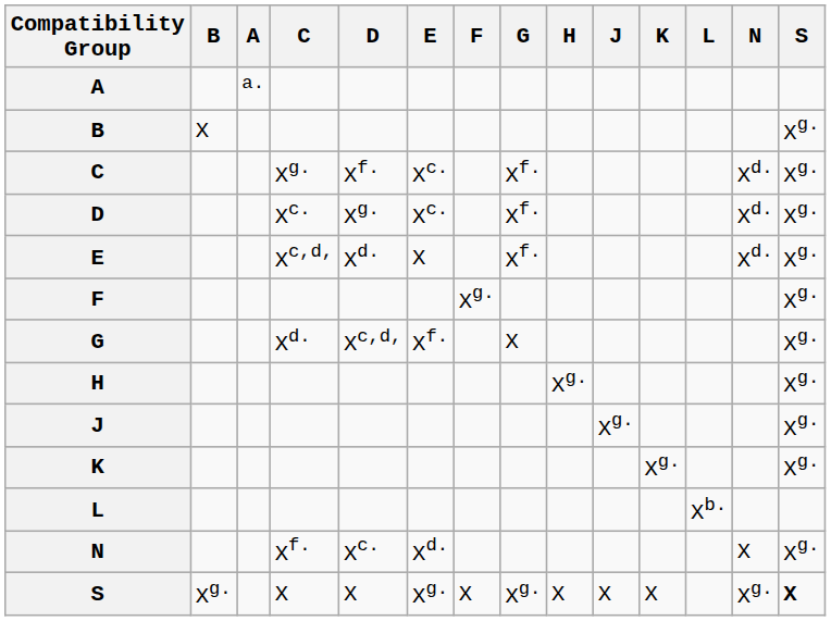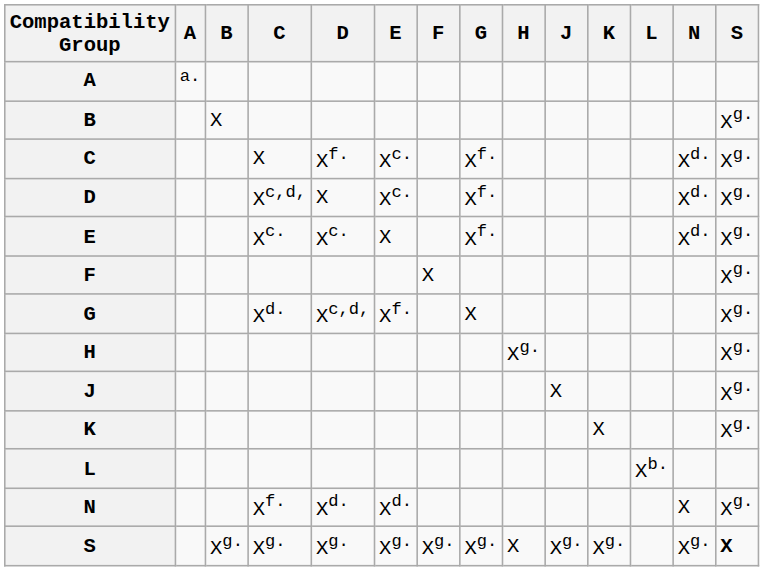 <table class="wikitable">
 <tr>
 <th>Compatibility<br>Group</th>
+<th>A</th>
 <th>B</th>
-<th>A</th>
 <th>C</th>
 <th>D</th>
 <th>E</th>
 <th>F</th>
 <th>G</th>
 <th>H</th>
 <th>J</th>
 <th>K</th>
 <th>L</th>
 <th>N</th>
 <th>S</th>
 </tr>
 <tr>
 <th>A</th>
+<td><sup>a.</sup></td>
 <td></td>
-<td><sup>a.</sup></td>
 <td></td>
 <td></td>
 <td></td>
 <td></td>
 <td></td>
 <td></td>
 <td></td>
 <td></td>
 <td></td>
 <td></td>
 <td></td>
 </tr>
 <tr>
 <th>B</th>
+<td></td>
 <td>X</td>
-<td></td>
 <td></td>
 <td></td>
 <td></td>
 <td></td>
 <td></td>
 <td></td>
 <td></td>
 <td></td>
 <td></td>
 <td></td>
 <td>X<sup>g.</sup></td>
 </tr>
 <tr>
 <th>C</th>
 <td></td>
 <td></td>
-<td>X<sup>g.</sup></td>
+<td>X</td>
 <td>X<sup>f.</sup></td>
 <td>X<sup>c.</sup></td>
 <td></td>
 <td>X<sup>f.</sup></td>
 <td></td>
 <td></td>
 <td></td>
 <td></td>
 <td>X<sup>d.</sup></td>
 <td>X<sup>g.</sup></td>
 </tr>
 <tr>
 <th>D</th>
 <td></td>
 <td></td>
-<td>X<sup>c.</sup></td>
-<td>X<sup>g.</sup></td>
+<td>X<sup>c,d,</sup></td>
+<td>X</td>
 <td>X<sup>c.</sup></td>
 <td></td>
 <td>X<sup>f.</sup></td>
 <td></td>
 <td></td>
 <td></td>
 <td></td>
 <td>X<sup>d.</sup></td>
 <td>X<sup>g.</sup></td>
 </tr>
 <tr>
 <th>E</th>
 <td></td>
 <td></td>
-<td>X<sup>c,d,</sup></td>
-<td>X<sup>d.</sup></td>
+<td>X<sup>c.</sup></td>
+<td>X<sup>c.</sup></td>
 <td>X</td>
 <td></td>
 <td>X<sup>f.</sup></td>
 <td></td>
 <td></td>
 <td></td>
 <td></td>
 <td>X<sup>d.</sup></td>
 <td>X<sup>g.</sup></td>
 </tr>
 <tr>
 <th>F</th>
 <td></td>
 <td></td>
 <td></td>
 <td></td>
 <td></td>
-<td>X<sup>g.</sup></td>
+<td>X</td>
 <td></td>
 <td></td>
 <td></td>
 <td></td>
 <td></td>
 <td></td>
 <td>X<sup>g.</sup></td>
 </tr>
 <tr>
 <th>G</th>
 <td></td>
 <td></td>
 <td>X<sup>d.</sup></td>
 <td>X<sup>c,d,</sup></td>
 <td>X<sup>f.</sup></td>
 <td></td>
 <td>X</td>
 <td></td>
 <td></td>
 <td></td>
 <td></td>
 <td></td>
 <td>X<sup>g.</sup></td>
 </tr>
 <tr>
 <th>H</th>
 <td></td>
 <td></td>
 <td></td>
 <td></td>
 <td></td>
 <td></td>
 <td></td>
 <td>X<sup>g.</sup></td>
 <td></td>
 <td></td>
 <td></td>
 <td></td>
 <td>X<sup>g.</sup></td>
 </tr>
 <tr>
 <th>J</th>
 <td></td>
 <td></td>
 <td></td>
 <td></td>
 <td></td>
 <td></td>
 <td></td>
 <td></td>
-<td>X<sup>g.</sup></td>
+<td>X</td>
 <td></td>
 <td></td>
 <td></td>
 <td>X<sup>g.</sup></td>
 </tr>
 <tr>
 <th>K</th>
 <td></td>
 <td></td>
 <td></td>
 <td></td>
 <td></td>
 <td></td>
 <td></td>
 <td></td>
 <td></td>
-<td>X<sup>g.</sup></td>
+<td>X</td>
 <td></td>
 <td></td>
 <td>X<sup>g.</sup></td>
 </tr>
 <tr>
 <th>L</th>
 <td></td>
 <td></td>
 <td></td>
 <td></td>
 <td></td>
 <td></td>
 <td></td>
 <td></td>
 <td></td>
 <td></td>
 <td>X<sup>b.</sup></td>
 <td></td>
 <td></td>
 </tr>
 <tr>
 <th>N</th>
 <td></td>
 <td></td>
 <td>X<sup>f.</sup></td>
-<td>X<sup>c.</sup></td>
+<td>X<sup>d.</sup></td>
 <td>X<sup>d.</sup></td>
 <td></td>
 <td></td>
 <td></td>
 <td></td>
 <td></td>
 <td></td>
 <td>X</td>
 <td>X<sup>g.</sup></td>
 </tr>
 <tr>
 <th>S</th>
+<td></td>
 <td>X<sup>g.</sup></td>
-<td></td>
-<td>X</td>
-<td>X</td>
+<td>X<sup>g.</sup></td>
+<td>X<sup>g.</sup></td>
+<td>X<sup>g.</sup></td>
+<td>X<sup>g.</sup></td>
 <td>X<sup>g.</sup></td>
 <td>X</td>
 <td>X<sup>g.</sup></td>
-<td>X</td>
-<td>X</td>
-<td>X</td>
+<td>X<sup>g.</sup></td>
 <td></td>
 <td>X<sup>g.</sup></td>
 <td><strong>X</strong></td>
 </tr>
 </table>
